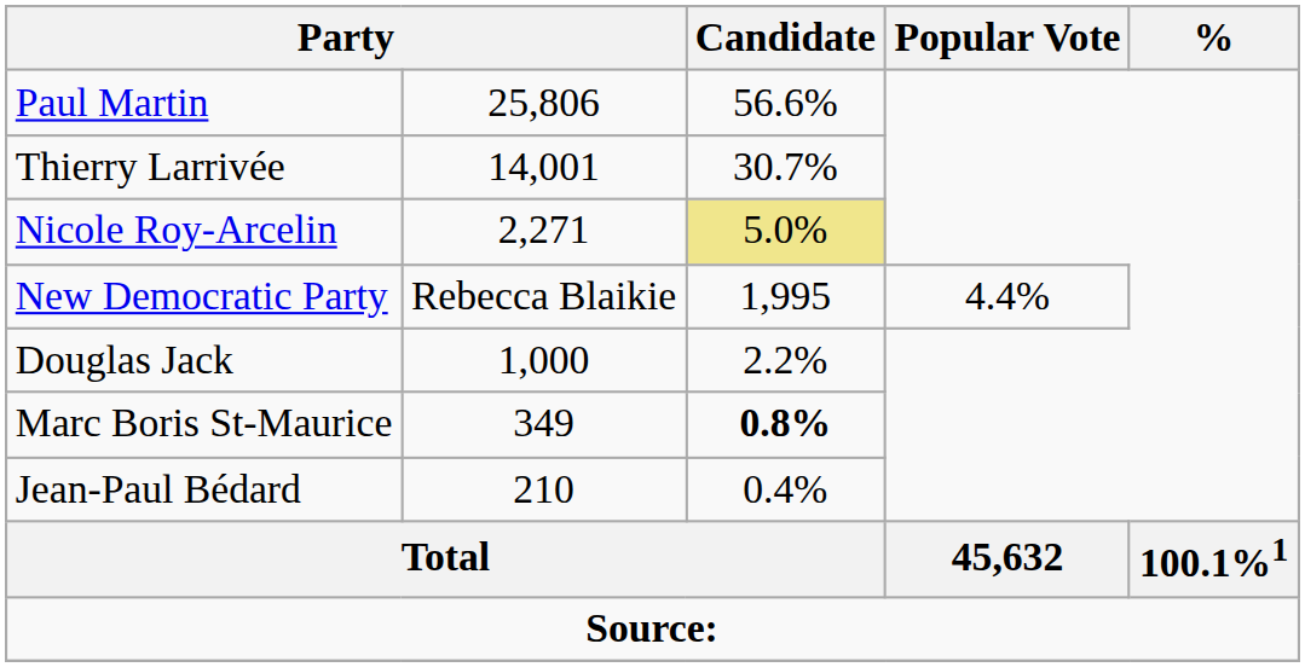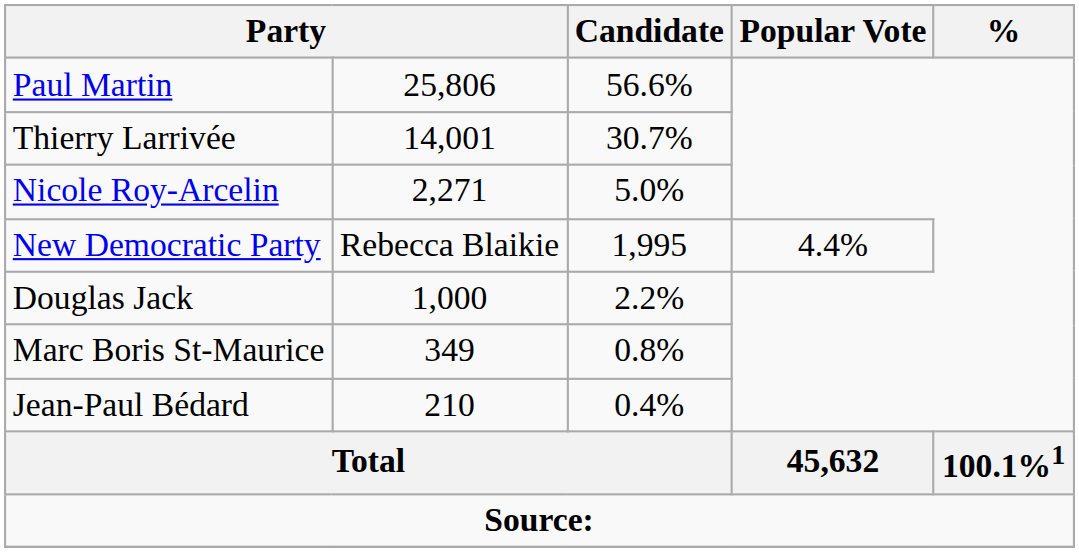 <table class="wikitable">
 <tr>
 <th colspan="2">Party</th>
 <th>Candidate</th>
 <th>Popular Vote</th>
 <th>%</th>
 </tr>
 <tr>
 <td> <a href='#'>Paul Martin</a></td>
 <td align=center>25,806</td>
 <td align=center>56.6%</td>
 </tr>
 <tr>
 <td>Thierry Larrivée</td>
 <td align=center>14,001</td>
 <td align=center>30.7%</td>
 </tr>
 <tr>
 <td><a href='#'>Nicole Roy-Arcelin</a></td>
 <td align=center>2,271</td>
-<td align=center style="background: khaki;">5.0%</td>
+<td align=center>5.0%</td>
 </tr>
 <tr>
 <td><a href='#'>New Democratic Party</a></td>
 <td>Rebecca Blaikie</td>
 <td align=center>1,995</td>
 <td align=center>4.4%</td>
 </tr>
 <tr>
 <td>Douglas Jack</td>
 <td align=center>1,000</td>
 <td align=center>2.2%</td>
 </tr>
 <tr>
 <td>Marc Boris St-Maurice</td>
 <td align=center>349</td>
-<td align=center><strong>0.8%</strong></td>
+<td align=center>0.8%</td>
 </tr>
 <tr>
 <td>Jean-Paul Bédard</td>
 <td align=center>210</td>
 <td align=center>0.4%</td>
 </tr>
 <tr>
 <th colspan=3>Total</th>
 <th>45,632</th>
 <th>100.1%<sup>1</sup></th>
 </tr>
 <tr>
 <td align="center" colspan=5><strong>Source:</strong> </td>
 </tr>
 <tr>
 </tr>
 </table>
